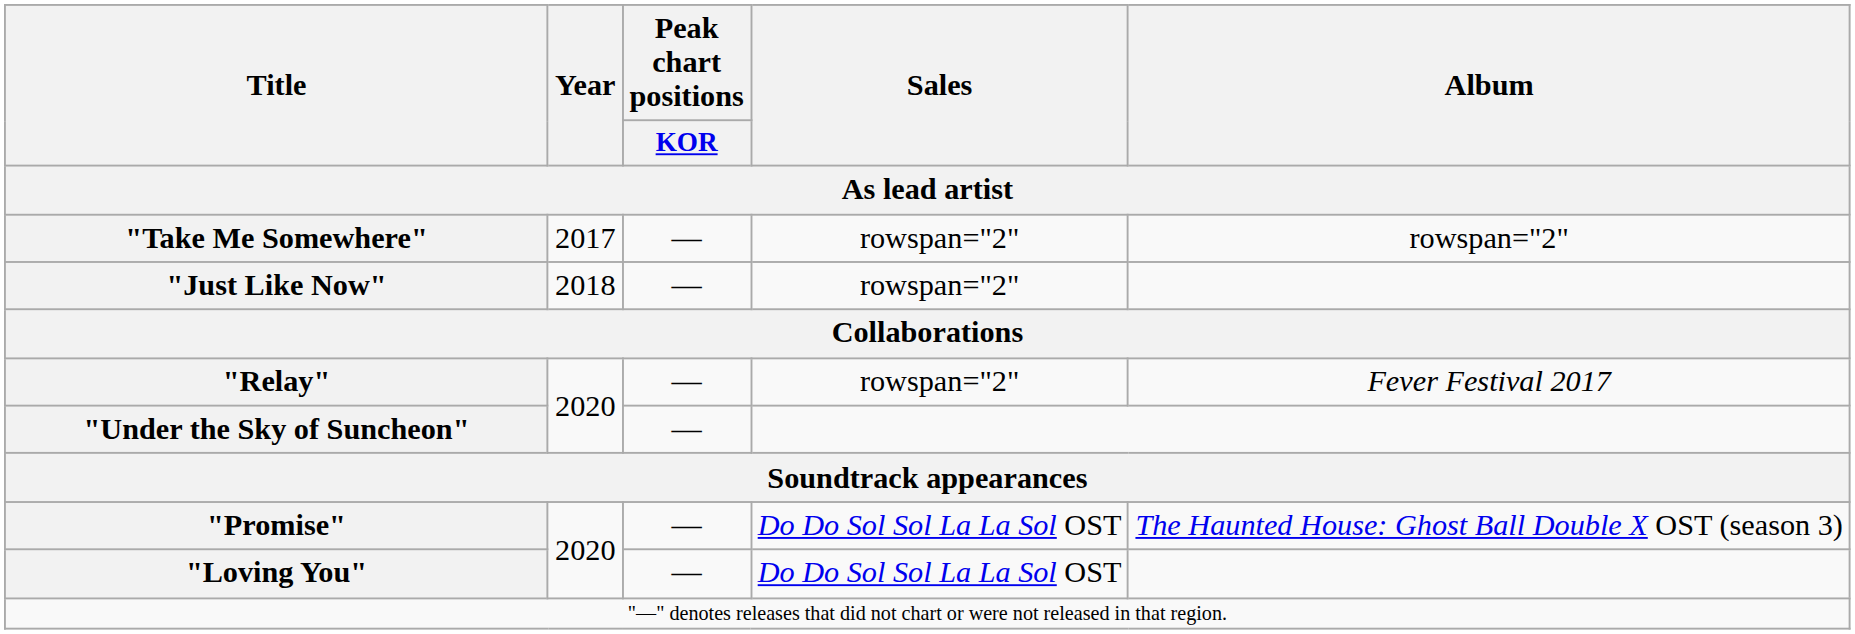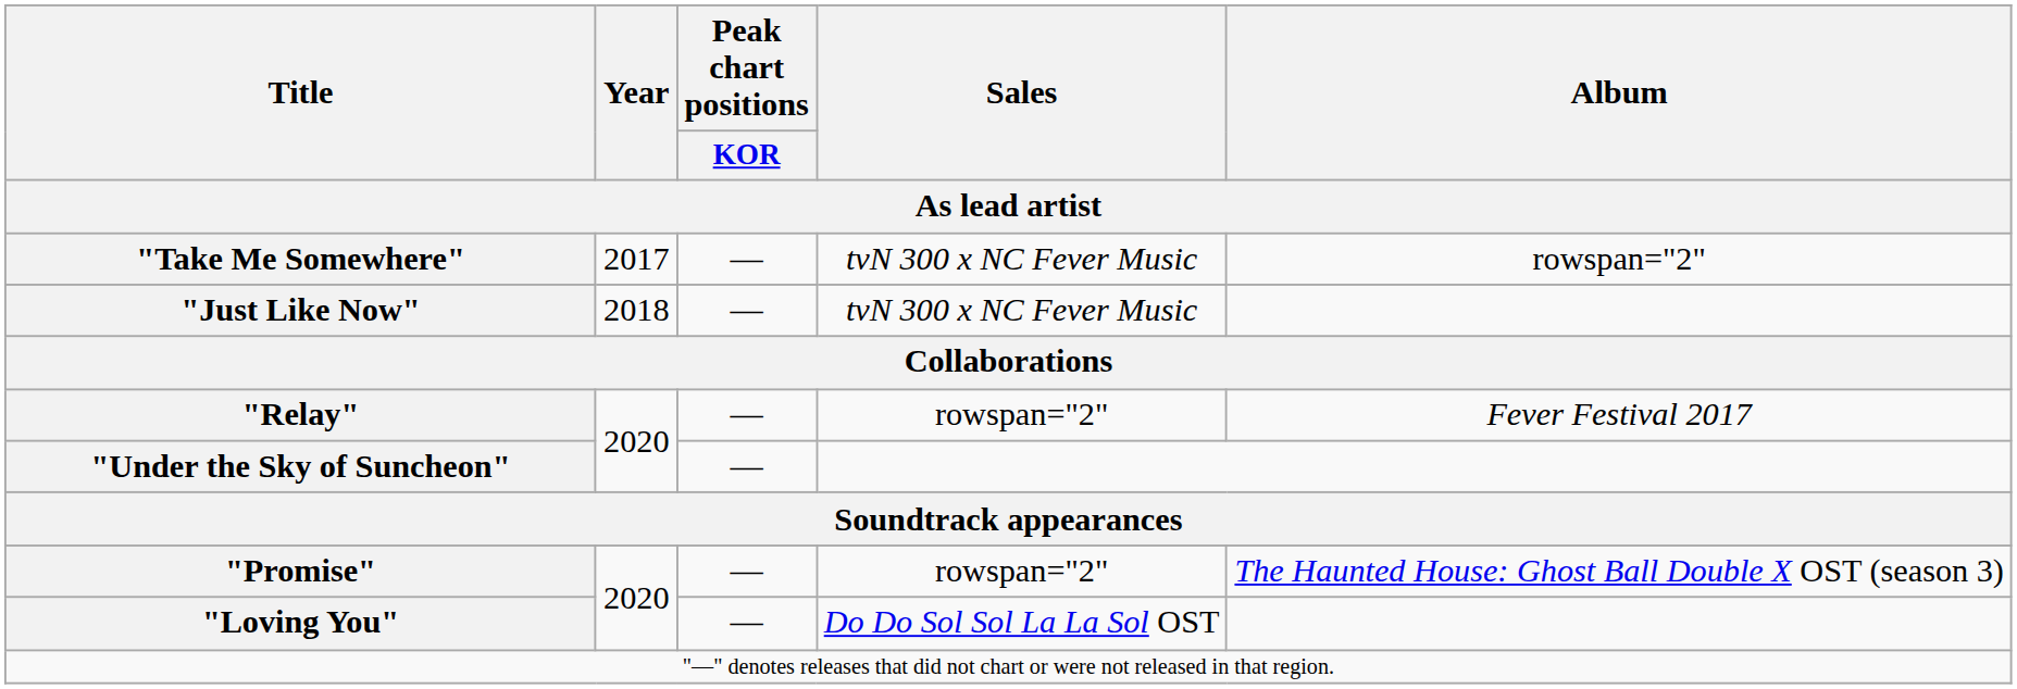 <table class="wikitable plainrowheaders" style="text-align:center;" border="1">
 <tr>
 <th scope="col" rowspan="2" style="width:17.5em;">Title</th>
 <th scope="col" rowspan="2">Year</th>
 <th scope="col" colspan="1">Peak chart positions</th>
 <th scope="col" rowspan="2">Sales<br></th>
 <th scope="col" rowspan="2">Album</th>
 </tr>
 <tr>
 <th scope="col" style="width:3em;font-size:90%;"><a href='#'>KOR</a><br></th>
 </tr>
 <tr>
 <th colspan="5">As lead artist</th>
 </tr>
 <tr>
 <th scope="row">"Take Me Somewhere"</th>
 <td>2017</td>
 <td>—</td>
-<td>rowspan="2" </td>
+<td><em>tvN 300 x NC Fever Music</em></td>
 <td>rowspan="2" </td>
 </tr>
 <tr>
 <th scope="row">"Just Like Now" </th>
 <td>2018</td>
 <td>—</td>
-<td>rowspan="2" </td>
+<td><em>tvN 300 x NC Fever Music</em></td>
 </tr>
 <tr>
 <th colspan="6">Collaborations</th>
 </tr>
 <tr>
 <th scope="row">"Relay"  <br></th>
 <td rowspan="2">2020</td>
 <td>—</td>
 <td>rowspan="2" </td>
 <td><em>Fever Festival 2017</em></td>
 </tr>
 <tr>
 <th scope="row">"Under the Sky of Suncheon"  <br></th>
 <td>—</td>
 </tr>
 <tr>
 <th colspan="5">Soundtrack appearances</th>
 </tr>
 <tr>
 <th scope="row">"Promise" </th>
 <td rowspan="2">2020</td>
 <td>—</td>
-<td><em><a href='#'>Do Do Sol Sol La La Sol</a></em> OST</td>
+<td>rowspan="2" </td>
 <td><em><a href='#'>The Haunted House: Ghost Ball Double X</a></em> OST (season 3)</td>
 </tr>
 <tr>
 <th scope="row">"Loving You"</th>
 <td>—</td>
 <td><em><a href='#'>Do Do Sol Sol La La Sol</a></em> OST</td>
 </tr>
 <tr>
 <td colspan="6" style="font-size:8pt">"—" denotes releases that did not chart or were not released in that region.</td>
 </tr>
 </table>
